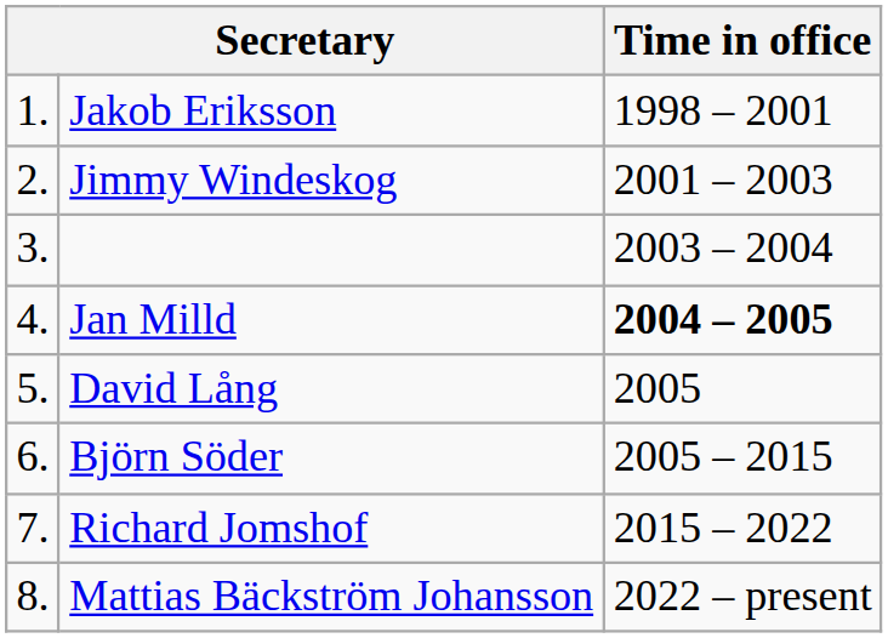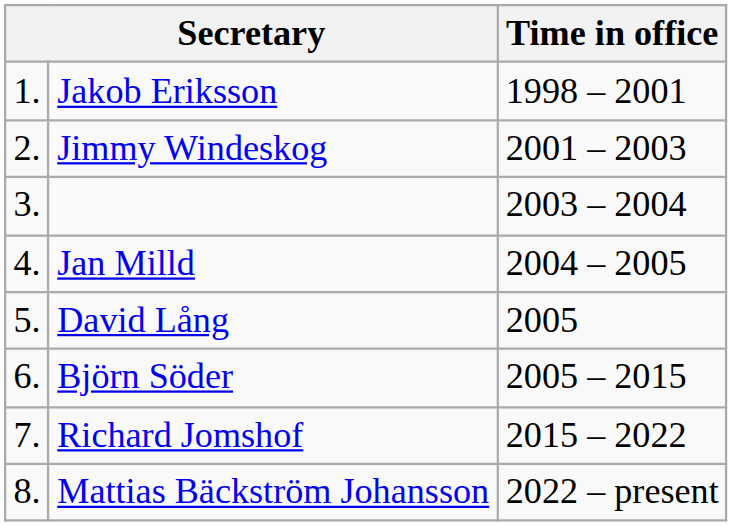 <table class="wikitable">
 <tr>
 <th colspan="2">Secretary</th>
 <th>Time in office</th>
 </tr>
 <tr>
 <td>1.</td>
 <td><a href='#'>Jakob Eriksson</a></td>
 <td>1998 – 2001</td>
 </tr>
 <tr>
 <td>2.</td>
 <td><a href='#'>Jimmy Windeskog</a></td>
 <td>2001 – 2003</td>
 </tr>
 <tr>
 <td>3.</td>
 <td></td>
 <td>2003 – 2004</td>
 </tr>
 <tr>
 <td>4.</td>
 <td><a href='#'>Jan Milld</a></td>
-<td><strong>2004 – 2005</strong></td>
+<td>2004 – 2005</td>
 </tr>
 <tr>
 <td>5.</td>
 <td><a href='#'>David Lång</a></td>
 <td>2005</td>
 </tr>
 <tr>
 <td>6.</td>
 <td><a href='#'>Björn Söder</a></td>
 <td>2005 – 2015</td>
 </tr>
 <tr>
 <td>7.</td>
 <td><a href='#'>Richard Jomshof</a></td>
 <td>2015 – 2022</td>
 </tr>
 <tr>
 <td>8.</td>
 <td><a href='#'>Mattias Bäckström Johansson</a></td>
 <td>2022 – present</td>
 </tr>
 </table>
